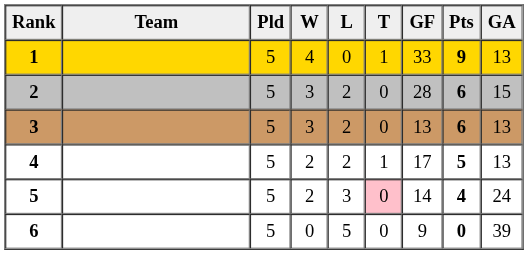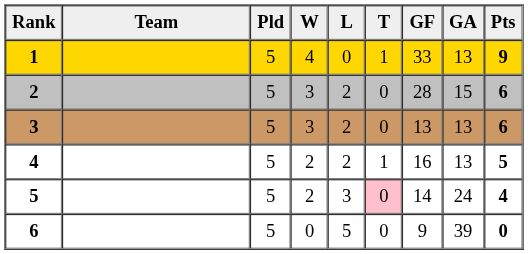 <table border=1 cellpadding=5 cellspacing=0>
 <tr>
 <th bgcolor="#efefef" width="20">Rank</th>
 <th bgcolor="#efefef" width="150">Team</th>
 <th bgcolor="#efefef" width="20">Pld</th>
 <th bgcolor="#efefef" width="20">W</th>
 <th bgcolor="#efefef" width="20">L</th>
 <th bgcolor="#efefef" width="20">T</th>
 <th bgcolor="#efefef" width="20">GF</th>
+<th bgcolor="#efefef" width="20">GA</th>
 <th bgcolor="#efefef" width="20">Pts</th>
-<th bgcolor="#efefef" width="20">GA</th>
 </tr>
 <tr align=center bgcolor="gold">
 <td><strong>1</strong></td>
 <td align=left></td>
 <td>5</td>
 <td>4</td>
 <td>0</td>
 <td>1</td>
 <td>33</td>
+<td>13</td>
 <td><strong>9</strong></td>
-<td>13</td>
 </tr>
 <tr align=center bgcolor="silver">
 <td><strong>2</strong></td>
 <td align=left></td>
 <td>5</td>
 <td>3</td>
 <td>2</td>
 <td>0</td>
 <td>28</td>
+<td>15</td>
 <td><strong>6</strong></td>
-<td>15</td>
 </tr>
 <tr align=center bgcolor="#c96">
 <td><strong>3</strong></td>
 <td align=left></td>
 <td>5</td>
 <td>3</td>
 <td>2</td>
 <td>0</td>
 <td>13</td>
+<td>13</td>
 <td><strong>6</strong></td>
-<td>13</td>
 </tr>
 <tr align=center>
 <td><strong>4</strong></td>
 <td align=left></td>
 <td>5</td>
 <td>2</td>
 <td>2</td>
 <td>1</td>
-<td>17</td>
+<td>16</td>
+<td>13</td>
 <td><strong>5</strong></td>
-<td>13</td>
 </tr>
 <tr align=center>
 <td><strong>5</strong></td>
 <td align=left></td>
 <td>5</td>
 <td>2</td>
 <td>3</td>
 <td style="background: pink;">0</td>
 <td>14</td>
+<td>24</td>
 <td><strong>4</strong></td>
-<td>24</td>
 </tr>
 <tr align=center>
 <td><strong>6</strong></td>
 <td align=left></td>
 <td>5</td>
 <td>0</td>
 <td>5</td>
 <td>0</td>
 <td>9</td>
+<td>39</td>
 <td><strong>0</strong></td>
-<td>39</td>
 </tr>
 </table>
